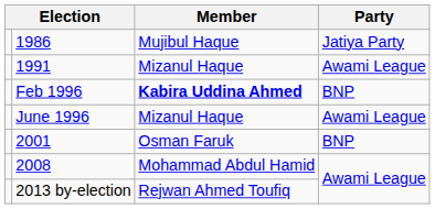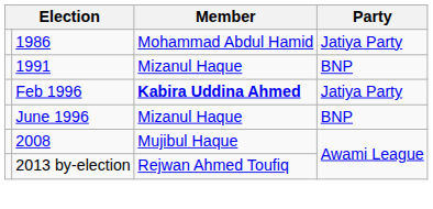 <table class="wikitable">
 <tr>
 <th colspan="2">Election</th>
 <th>Member</th>
 <th>Party</th>
 </tr>
 <tr>
 <td style="background-color:"></td>
 <td><a href='#'>1986</a></td>
-<td><a href='#'>Mujibul Haque</a></td>
+<td><a href='#'>Mohammad Abdul Hamid</a></td>
 <td><a href='#'>Jatiya Party</a></td>
 </tr>
 <tr>
 <td style="background-color:"></td>
 <td><a href='#'>1991</a></td>
 <td><a href='#'>Mizanul Haque</a></td>
-<td><a href='#'>Awami League</a></td>
+<td><a href='#'>BNP</a></td>
 </tr>
 <tr>
 <td style="background-color:"></td>
 <td><a href='#'>Feb 1996</a></td>
 <td><strong><a href='#'>Kabira Uddina Ahmed</a></strong></td>
-<td><a href='#'>BNP</a></td>
+<td><a href='#'>Jatiya Party</a></td>
 </tr>
 <tr>
 <td style="background-color:"></td>
 <td><a href='#'>June 1996</a></td>
 <td><a href='#'>Mizanul Haque</a></td>
-<td><a href='#'>Awami League</a></td>
-</tr>
-<tr>
-<td style="background-color:"></td>
-<td><a href='#'>2001</a></td>
-<td><a href='#'>Osman Faruk</a></td>
 <td><a href='#'>BNP</a></td>
 </tr>
 <tr>
 <td style="background-color:"></td>
 <td><a href='#'>2008</a></td>
-<td><a href='#'>Mohammad Abdul Hamid</a></td>
+<td><a href='#'>Mujibul Haque</a></td>
 <td rowspan="2"><a href='#'>Awami League</a></td>
 </tr>
 <tr>
 <td style="background-color:"></td>
 <td>2013 by-election</td>
 <td><a href='#'>Rejwan Ahmed Toufiq</a></td>
 </tr>
 </table>
